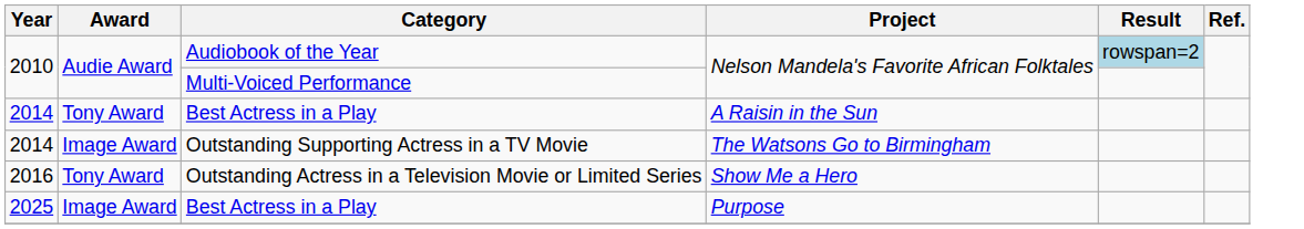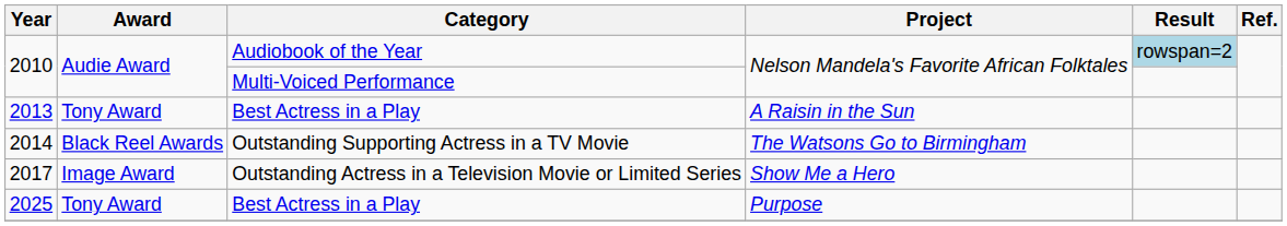 <table class="wikitable unsortable">
 <tr>
 <th>Year</th>
 <th>Award</th>
 <th>Category</th>
 <th>Project</th>
 <th class="unsortable">Result</th>
 <th>Ref.</th>
 </tr>
 <tr>
 <td style="text-align:center;"rowspan=2>2010</td>
 <td rowspan=2><a href='#'>Audie Award</a></td>
 <td><a href='#'>Audiobook of the Year</a></td>
 <td rowspan=2><em>Nelson Mandela's Favorite African Folktales</em></td>
 <td style="background: lightblue;">rowspan=2 </td>
 <td rowspan=2></td>
 </tr>
 <tr>
 <td><a href='#'>Multi-Voiced Performance</a></td>
 </tr>
 <tr>
-<td><a href='#'>2014</a></td>
+<td><a href='#'>2013</a></td>
 <td><a href='#'>Tony Award</a></td>
 <td><a href='#'>Best Actress in a Play</a></td>
 <td><em><a href='#'>A Raisin in the Sun</a></em></td>
 <td></td>
 <td></td>
 </tr>
 <tr>
 <td>2014</td>
-<td><a href='#'>Image Award</a></td>
+<td><a href='#'>Black Reel Awards</a></td>
 <td>Outstanding Supporting Actress in a TV Movie</td>
 <td><em><a href='#'>The Watsons Go to Birmingham</a></em></td>
 <td></td>
 <td></td>
 </tr>
 <tr>
-<td>2016</td>
-<td><a href='#'>Tony Award</a></td>
+<td>2017</td>
+<td><a href='#'>Image Award</a></td>
 <td>Outstanding Actress in a Television Movie or Limited Series</td>
 <td><em><a href='#'>Show Me a Hero</a></em></td>
 <td></td>
 <td></td>
 </tr>
 <tr>
 <td><a href='#'>2025</a></td>
-<td><a href='#'>Image Award</a></td>
+<td><a href='#'>Tony Award</a></td>
 <td><a href='#'>Best Actress in a Play</a></td>
 <td><em><a href='#'>Purpose</a></em></td>
 <td></td>
 <td></td>
 </tr>
 <tr>
 </tr>
 </table>
